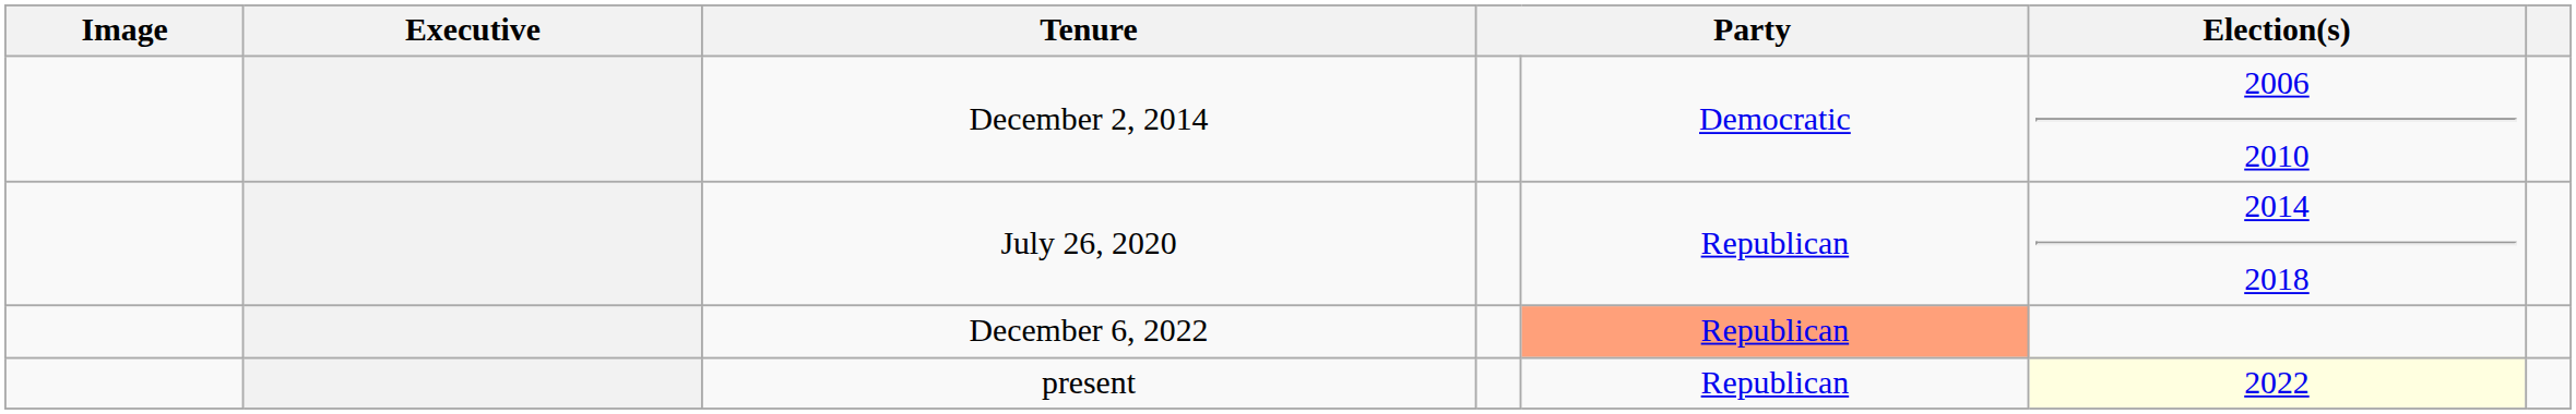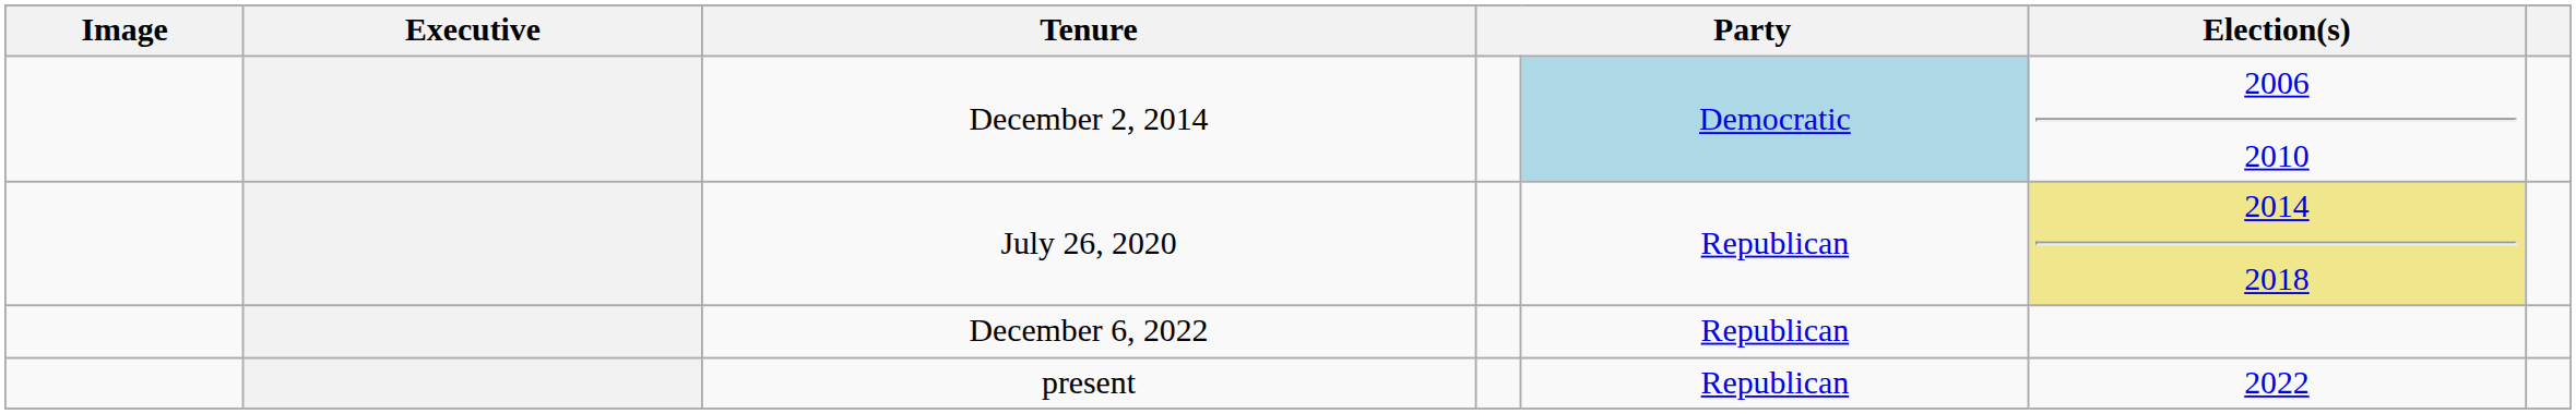 <table class="wikitable sortable plainrowheaders" style="width: 100%; text-align: center;">
 <tr>
 <th scope="col" class="unsortable" style="width: 110px;">Image</th>
 <th scope="col">Executive</th>
 <th scope="col">Tenure</th>
 <th scope="col" colspan="2">Party</th>
 <th scope="col" class="unsortable">Election(s)</th>
 <th scope="col" class="unsortable"></th>
 </tr>
 <tr>
 <td></td>
 <th scope="row" style="text-align: center;"><br></th>
 <td> December 2, 2014</td>
 <td></td>
-<td><a href='#'>Democratic</a></td>
+<td style="background: lightblue;"><a href='#'>Democratic</a></td>
 <td><a href='#'>2006</a><hr><a href='#'>2010</a></td>
 <td></td>
 </tr>
 <tr>
 <td></td>
 <th scope="row" style="text-align: center;"><br></th>
 <td> July 26, 2020</td>
 <td></td>
 <td><a href='#'>Republican</a></td>
-<td><a href='#'>2014</a><hr><a href='#'>2018</a></td>
+<td style="background: khaki;"><a href='#'>2014</a><hr><a href='#'>2018</a></td>
 <td></td>
 </tr>
 <tr>
 <td></td>
 <th scope="row" style="text-align: center;"><br></th>
 <td> December 6, 2022</td>
 <td></td>
-<td style="background: lightsalmon;"><a href='#'>Republican</a></td>
+<td><a href='#'>Republican</a></td>
 <td></td>
 <td></td>
 </tr>
 <tr>
 <td></td>
 <th scope="row" style="text-align: center;"><br></th>
 <td> present</td>
 <td></td>
 <td><a href='#'>Republican</a></td>
-<td style="background: lightyellow;"><a href='#'>2022</a></td>
+<td><a href='#'>2022</a></td>
 <td></td>
 </tr>
 </table>
